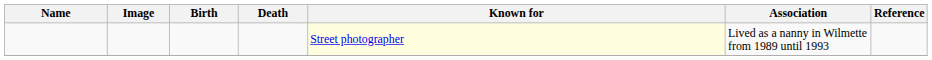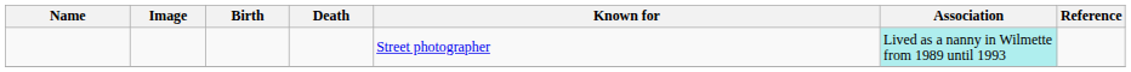 <table class="wikitable sortable">
 <tr>
 <th scope="col" width="140">Name</th>
 <th scope="col" width="80" class="unsortable">Image</th>
 <th scope="col" width="90">Birth</th>
 <th scope="col" width="90">Death</th>
 <th scope="col" width="600" class="unsortable">Known for</th>
 <th scope="col" width="200" class="unsortable">Association</th>
 <th scope="col" width="30" class="unsortable">Reference</th>
 </tr>
 <tr>
 <td></td>
 <td></td>
 <td align=right></td>
 <td align=right></td>
-<td style="background: lightyellow;"><a href='#'>Street photographer</a></td>
-<td>Lived as a nanny in Wilmette from 1989 until 1993</td>
+<td><a href='#'>Street photographer</a></td>
+<td style="background: paleturquoise;">Lived as a nanny in Wilmette from 1989 until 1993</td>
 <td align="center"></td>
 </tr>
 <tr>
 </tr>
 </table>
